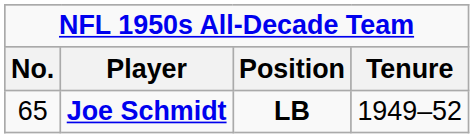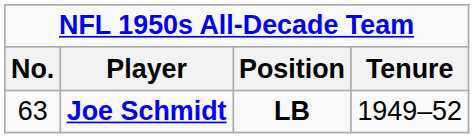 <table class="wikitable" style="text-align:center">
 <tr>
 <td colspan="4"><strong><a href='#'><span>NFL 1950s All-Decade Team</span></a></strong></td>
 </tr>
 <tr>
 <th>No.</th>
 <th>Player</th>
 <th>Position</th>
 <th>Tenure</th>
 </tr>
 <tr>
-<td>65</td>
+<td>63</td>
 <td><strong><a href='#'>Joe Schmidt</a></strong></td>
 <td><strong>LB</strong></td>
 <td>1949–52</td>
 </tr>
 </table>
